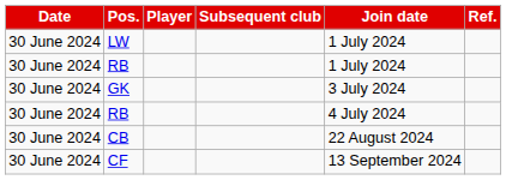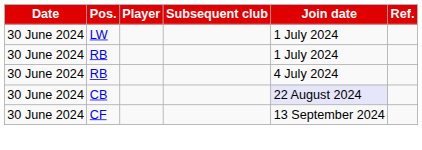 <table class="wikitable sortable plainrowheaders">
 <tr>
 <th style="background:#E00000;color:white;">Date</th>
 <th style="background:#E00000;color:white;">Pos.</th>
 <th style="background:#E00000;color:white;">Player</th>
 <th style="background:#E00000;color:white;">Subsequent club</th>
 <th style="background:#E00000;color:white;">Join date</th>
 <th style="background:#E00000;color:white;">Ref.</th>
 </tr>
 <tr>
 <td>30 June 2024</td>
 <td><a href='#'>LW</a></td>
 <td></td>
 <td></td>
 <td>1 July 2024</td>
 <td></td>
 </tr>
 <tr>
 <td>30 June 2024</td>
 <td><a href='#'>RB</a></td>
 <td></td>
 <td></td>
 <td>1 July 2024</td>
 <td></td>
 </tr>
 <tr>
 <td>30 June 2024</td>
-<td><a href='#'>GK</a></td>
-<td></td>
-<td></td>
-<td>3 July 2024</td>
-<td></td>
-</tr>
-<tr>
-<td>30 June 2024</td>
 <td><a href='#'>RB</a></td>
 <td></td>
 <td></td>
 <td>4 July 2024</td>
 <td></td>
 </tr>
 <tr>
 <td>30 June 2024</td>
 <td><a href='#'>CB</a></td>
 <td></td>
 <td></td>
-<td>22 August 2024</td>
+<td style="background: lavender;">22 August 2024</td>
 <td></td>
 </tr>
 <tr>
 <td>30 June 2024</td>
 <td><a href='#'>CF</a></td>
 <td></td>
 <td></td>
 <td>13 September 2024</td>
 <td></td>
 </tr>
 </table>
